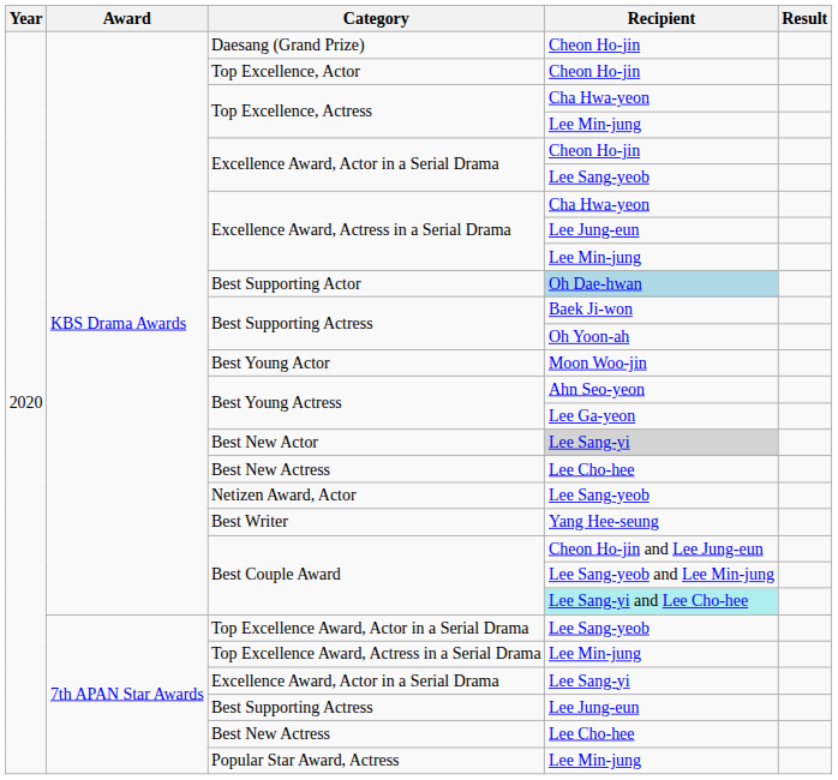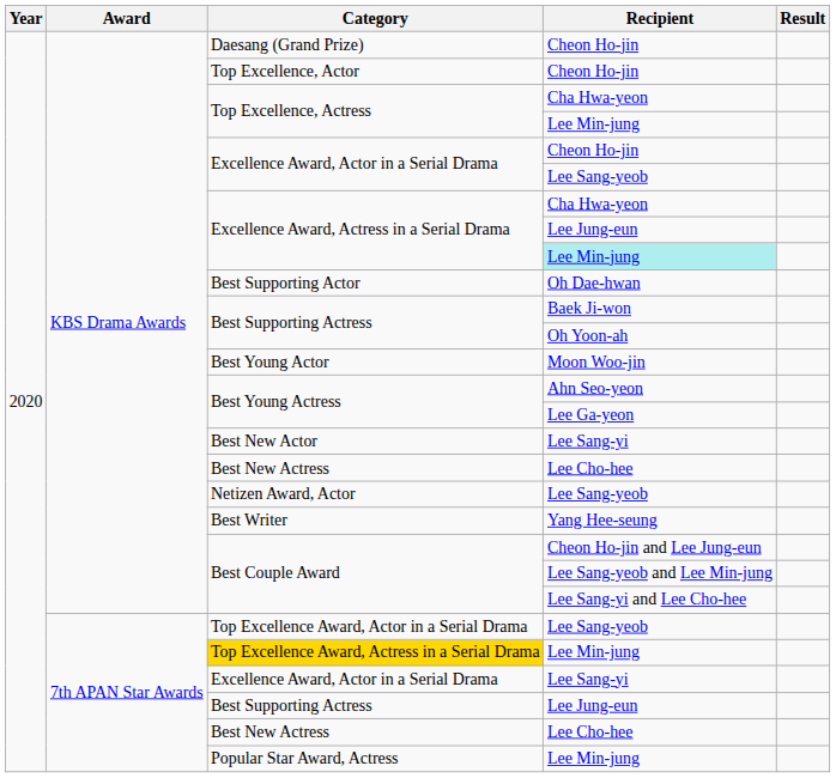 <table class="wikitable">
 <tr>
 <th>Year</th>
 <th>Award</th>
 <th>Category</th>
 <th>Recipient</th>
 <th>Result</th>
 </tr>
 <tr>
 <td rowspan=28>2020</td>
 <td rowspan=22><a href='#'>KBS Drama Awards</a></td>
 <td>Daesang (Grand Prize)</td>
 <td><a href='#'>Cheon Ho-jin</a></td>
 <td></td>
 </tr>
 <tr>
 <td>Top Excellence, Actor</td>
 <td><a href='#'>Cheon Ho-jin</a></td>
 <td></td>
 </tr>
 <tr>
 <td rowspan=2>Top Excellence, Actress</td>
 <td><a href='#'>Cha Hwa-yeon</a></td>
 <td></td>
 </tr>
 <tr>
 <td><a href='#'>Lee Min-jung</a></td>
 <td></td>
 </tr>
 <tr>
 <td rowspan=2>Excellence Award, Actor in a Serial Drama</td>
 <td><a href='#'>Cheon Ho-jin</a></td>
 <td></td>
 </tr>
 <tr>
 <td><a href='#'>Lee Sang-yeob</a></td>
 <td></td>
 </tr>
 <tr>
 <td rowspan=3>Excellence Award, Actress in a Serial Drama</td>
 <td><a href='#'>Cha Hwa-yeon</a></td>
 <td></td>
 </tr>
 <tr>
 <td><a href='#'>Lee Jung-eun</a></td>
 <td></td>
 </tr>
 <tr>
-<td><a href='#'>Lee Min-jung</a></td>
+<td style="background: paleturquoise;"><a href='#'>Lee Min-jung</a></td>
 <td></td>
 </tr>
 <tr>
 <td>Best Supporting Actor</td>
-<td style="background: lightblue;"><a href='#'>Oh Dae-hwan</a></td>
+<td><a href='#'>Oh Dae-hwan</a></td>
 <td></td>
 </tr>
 <tr>
 <td rowspan=2>Best Supporting Actress</td>
 <td><a href='#'>Baek Ji-won</a></td>
 <td></td>
 </tr>
 <tr>
 <td><a href='#'>Oh Yoon-ah</a></td>
 <td></td>
 </tr>
 <tr>
 <td>Best Young Actor</td>
 <td><a href='#'>Moon Woo-jin</a></td>
 <td></td>
 </tr>
 <tr>
 <td rowspan=2>Best Young Actress</td>
 <td><a href='#'>Ahn Seo-yeon</a></td>
 <td></td>
 </tr>
 <tr>
 <td><a href='#'>Lee Ga-yeon</a></td>
 <td></td>
 </tr>
 <tr>
 <td>Best New Actor</td>
-<td style="background: lightgrey;"><a href='#'>Lee Sang-yi</a></td>
+<td><a href='#'>Lee Sang-yi</a></td>
 <td></td>
 </tr>
 <tr>
 <td>Best New Actress</td>
 <td><a href='#'>Lee Cho-hee</a></td>
 <td></td>
 </tr>
 <tr>
 <td>Netizen Award, Actor</td>
 <td><a href='#'>Lee Sang-yeob</a></td>
 <td></td>
 </tr>
 <tr>
 <td>Best Writer</td>
 <td><a href='#'>Yang Hee-seung</a></td>
 <td></td>
 </tr>
 <tr>
 <td rowspan=3>Best Couple Award</td>
 <td><a href='#'>Cheon Ho-jin</a> and <a href='#'>Lee Jung-eun</a></td>
 <td></td>
 </tr>
 <tr>
 <td><a href='#'>Lee Sang-yeob</a> and <a href='#'>Lee Min-jung</a></td>
 <td></td>
 </tr>
 <tr>
-<td style="background: paleturquoise;"><a href='#'>Lee Sang-yi</a> and <a href='#'>Lee Cho-hee</a></td>
+<td><a href='#'>Lee Sang-yi</a> and <a href='#'>Lee Cho-hee</a></td>
 <td></td>
 </tr>
 <tr>
 <td rowspan="6"><a href='#'>7th APAN Star Awards</a></td>
 <td>Top Excellence Award, Actor in a Serial Drama</td>
 <td><a href='#'>Lee Sang-yeob</a></td>
 <td></td>
 </tr>
 <tr>
-<td>Top Excellence Award, Actress in a Serial Drama</td>
+<td style="background: gold;">Top Excellence Award, Actress in a Serial Drama</td>
 <td><a href='#'>Lee Min-jung</a></td>
 <td></td>
 </tr>
 <tr>
 <td>Excellence Award, Actor in a Serial Drama</td>
 <td><a href='#'>Lee Sang-yi</a></td>
 <td></td>
 </tr>
 <tr>
 <td>Best Supporting Actress</td>
 <td><a href='#'>Lee Jung-eun</a></td>
 <td></td>
 </tr>
 <tr>
 <td>Best New Actress</td>
 <td><a href='#'>Lee Cho-hee</a></td>
 <td></td>
 </tr>
 <tr>
 <td>Popular Star Award, Actress</td>
 <td><a href='#'>Lee Min-jung</a></td>
 <td></td>
 </tr>
 </table>
